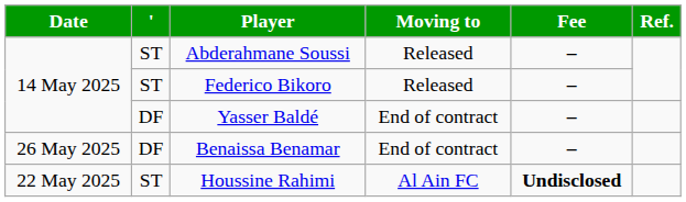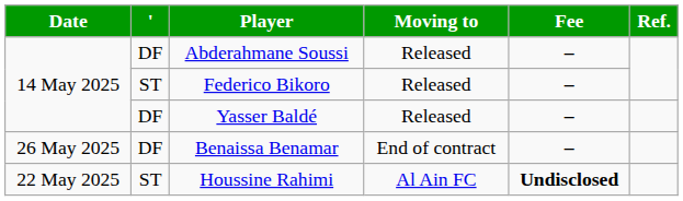 <table class="wikitable sortable" style="width:60%; text-align:center; font-size:95%; text-align:centre;">
 <tr>
 <th style="background:#009900; color:#FFFFFF; ">Date</th>
 <th style="background:#009900; color:#FFFFFF; ">'</th>
 <th style="background:#009900; color:#FFFFFF; ">Player</th>
 <th style="background:#009900; color:#FFFFFF; ">Moving to</th>
 <th style="background:#009900; color:#FFFFFF; ">Fee</th>
 <th style="background:#009900; color:#FFFFFF; ">Ref.</th>
 </tr>
 <tr>
 <td rowspan="3">14 May 2025</td>
-<td>ST</td>
+<td>DF</td>
 <td> <a href='#'>Abderahmane Soussi</a></td>
 <td>Released</td>
 <td><strong>–</strong></td>
 <td rowspan="2"></td>
 </tr>
 <tr>
 <td>ST</td>
 <td> <a href='#'>Federico Bikoro</a></td>
 <td>Released</td>
 <td><strong>–</strong></td>
 </tr>
 <tr>
 <td>DF</td>
 <td> <a href='#'>Yasser Baldé</a></td>
-<td>End of contract</td>
+<td>Released</td>
 <td><strong>–</strong></td>
 <td></td>
 </tr>
 <tr>
 <td>26 May 2025</td>
 <td>DF</td>
 <td> <a href='#'>Benaissa Benamar</a></td>
 <td>End of contract</td>
 <td><strong>–</strong></td>
 <td></td>
 </tr>
 <tr>
 <td>22 May 2025</td>
 <td>ST</td>
 <td> <a href='#'>Houssine Rahimi</a></td>
 <td> <a href='#'>Al Ain FC</a></td>
 <td><strong>Undisclosed</strong></td>
 <td></td>
 </tr>
 </table>
